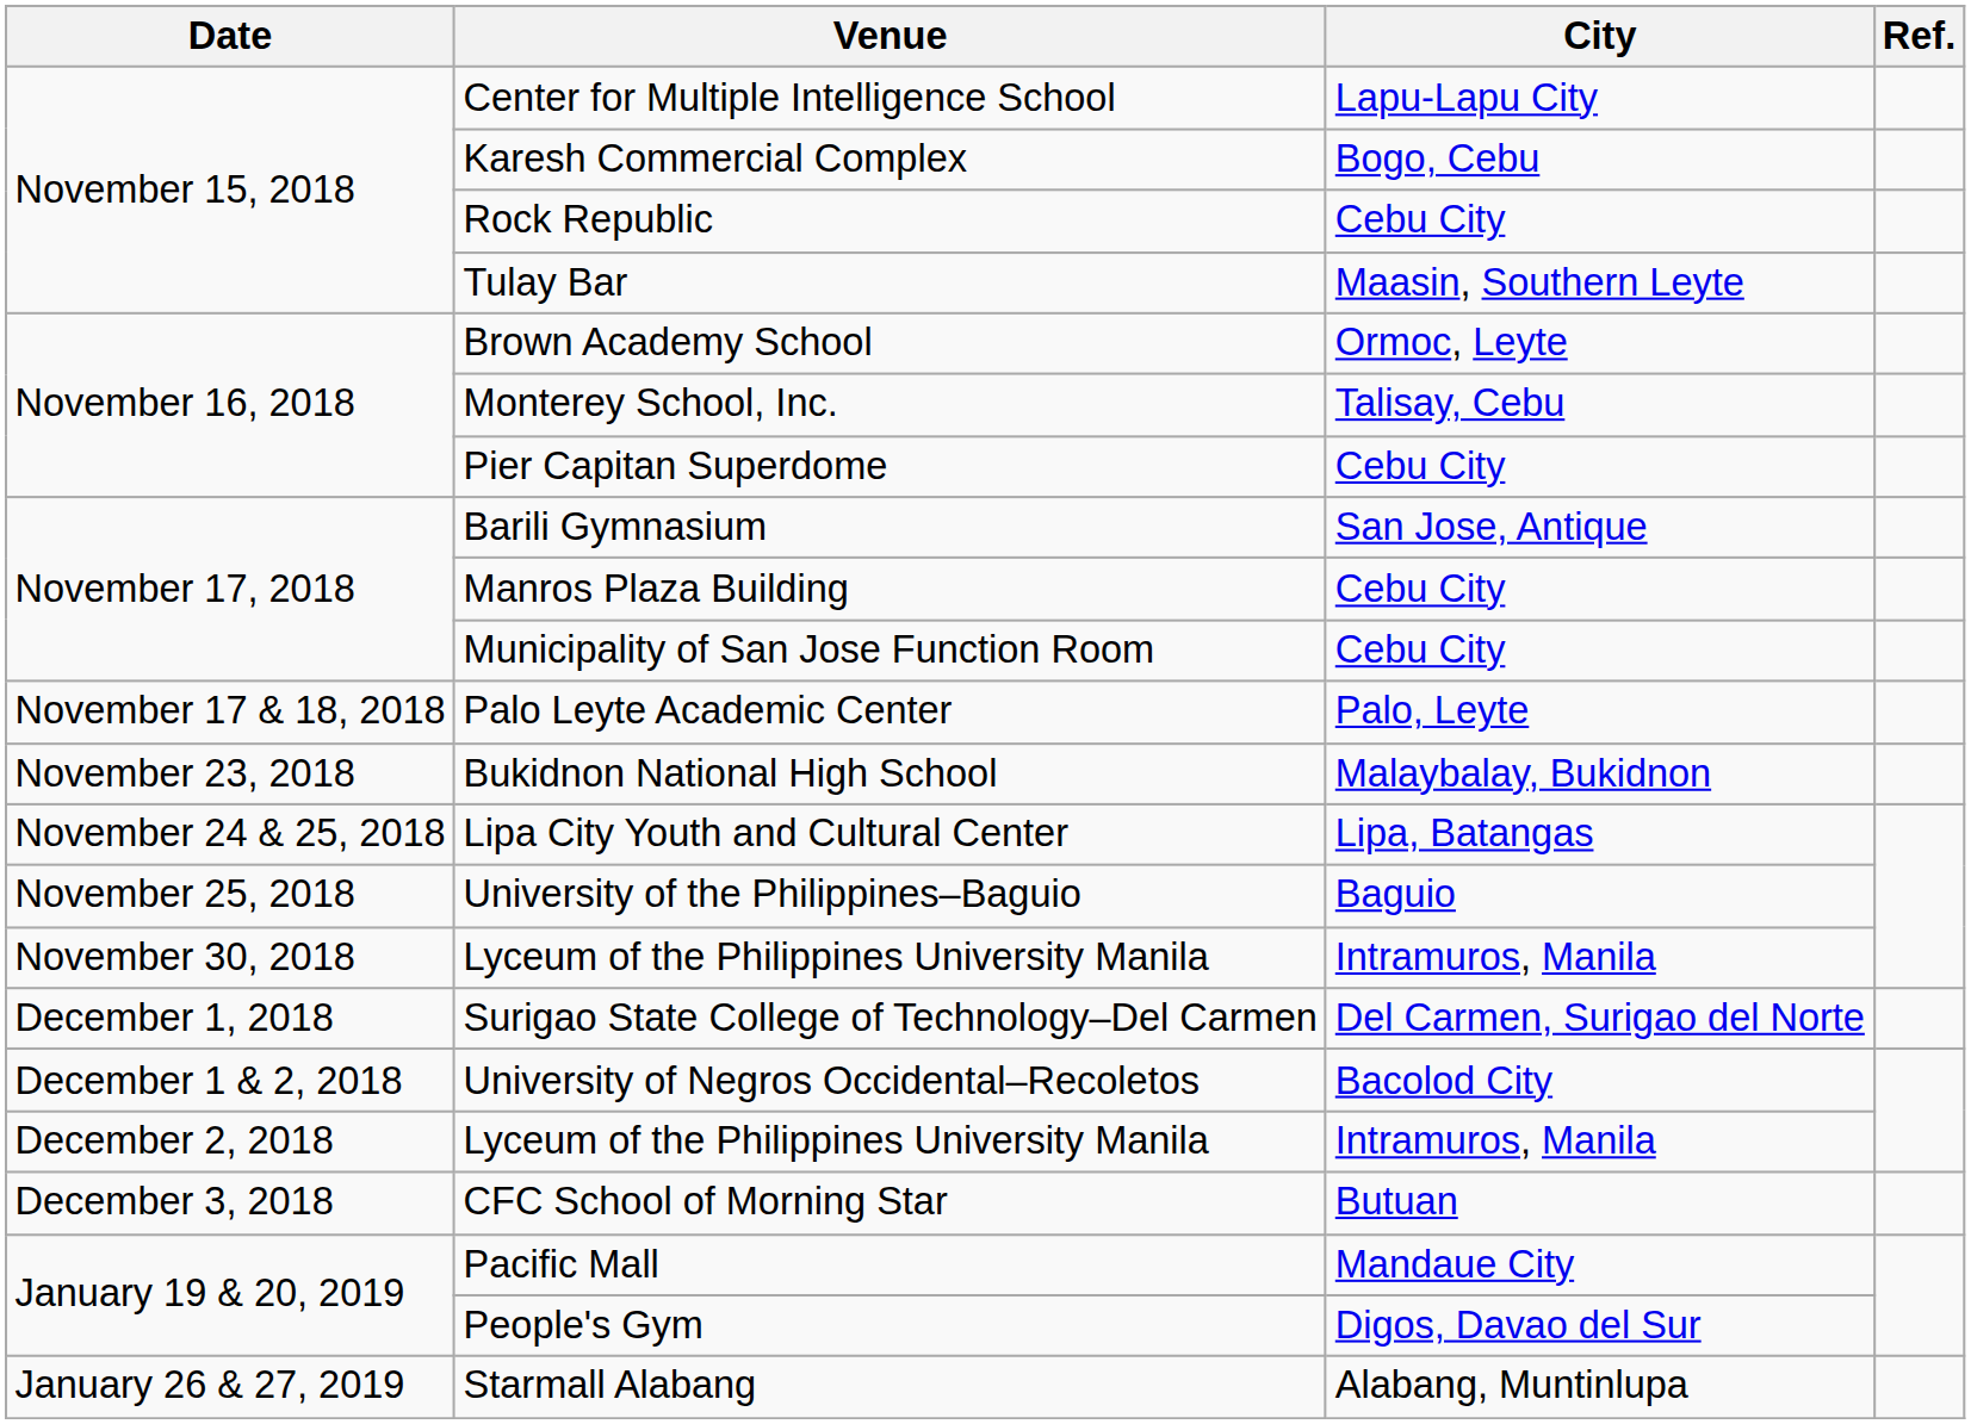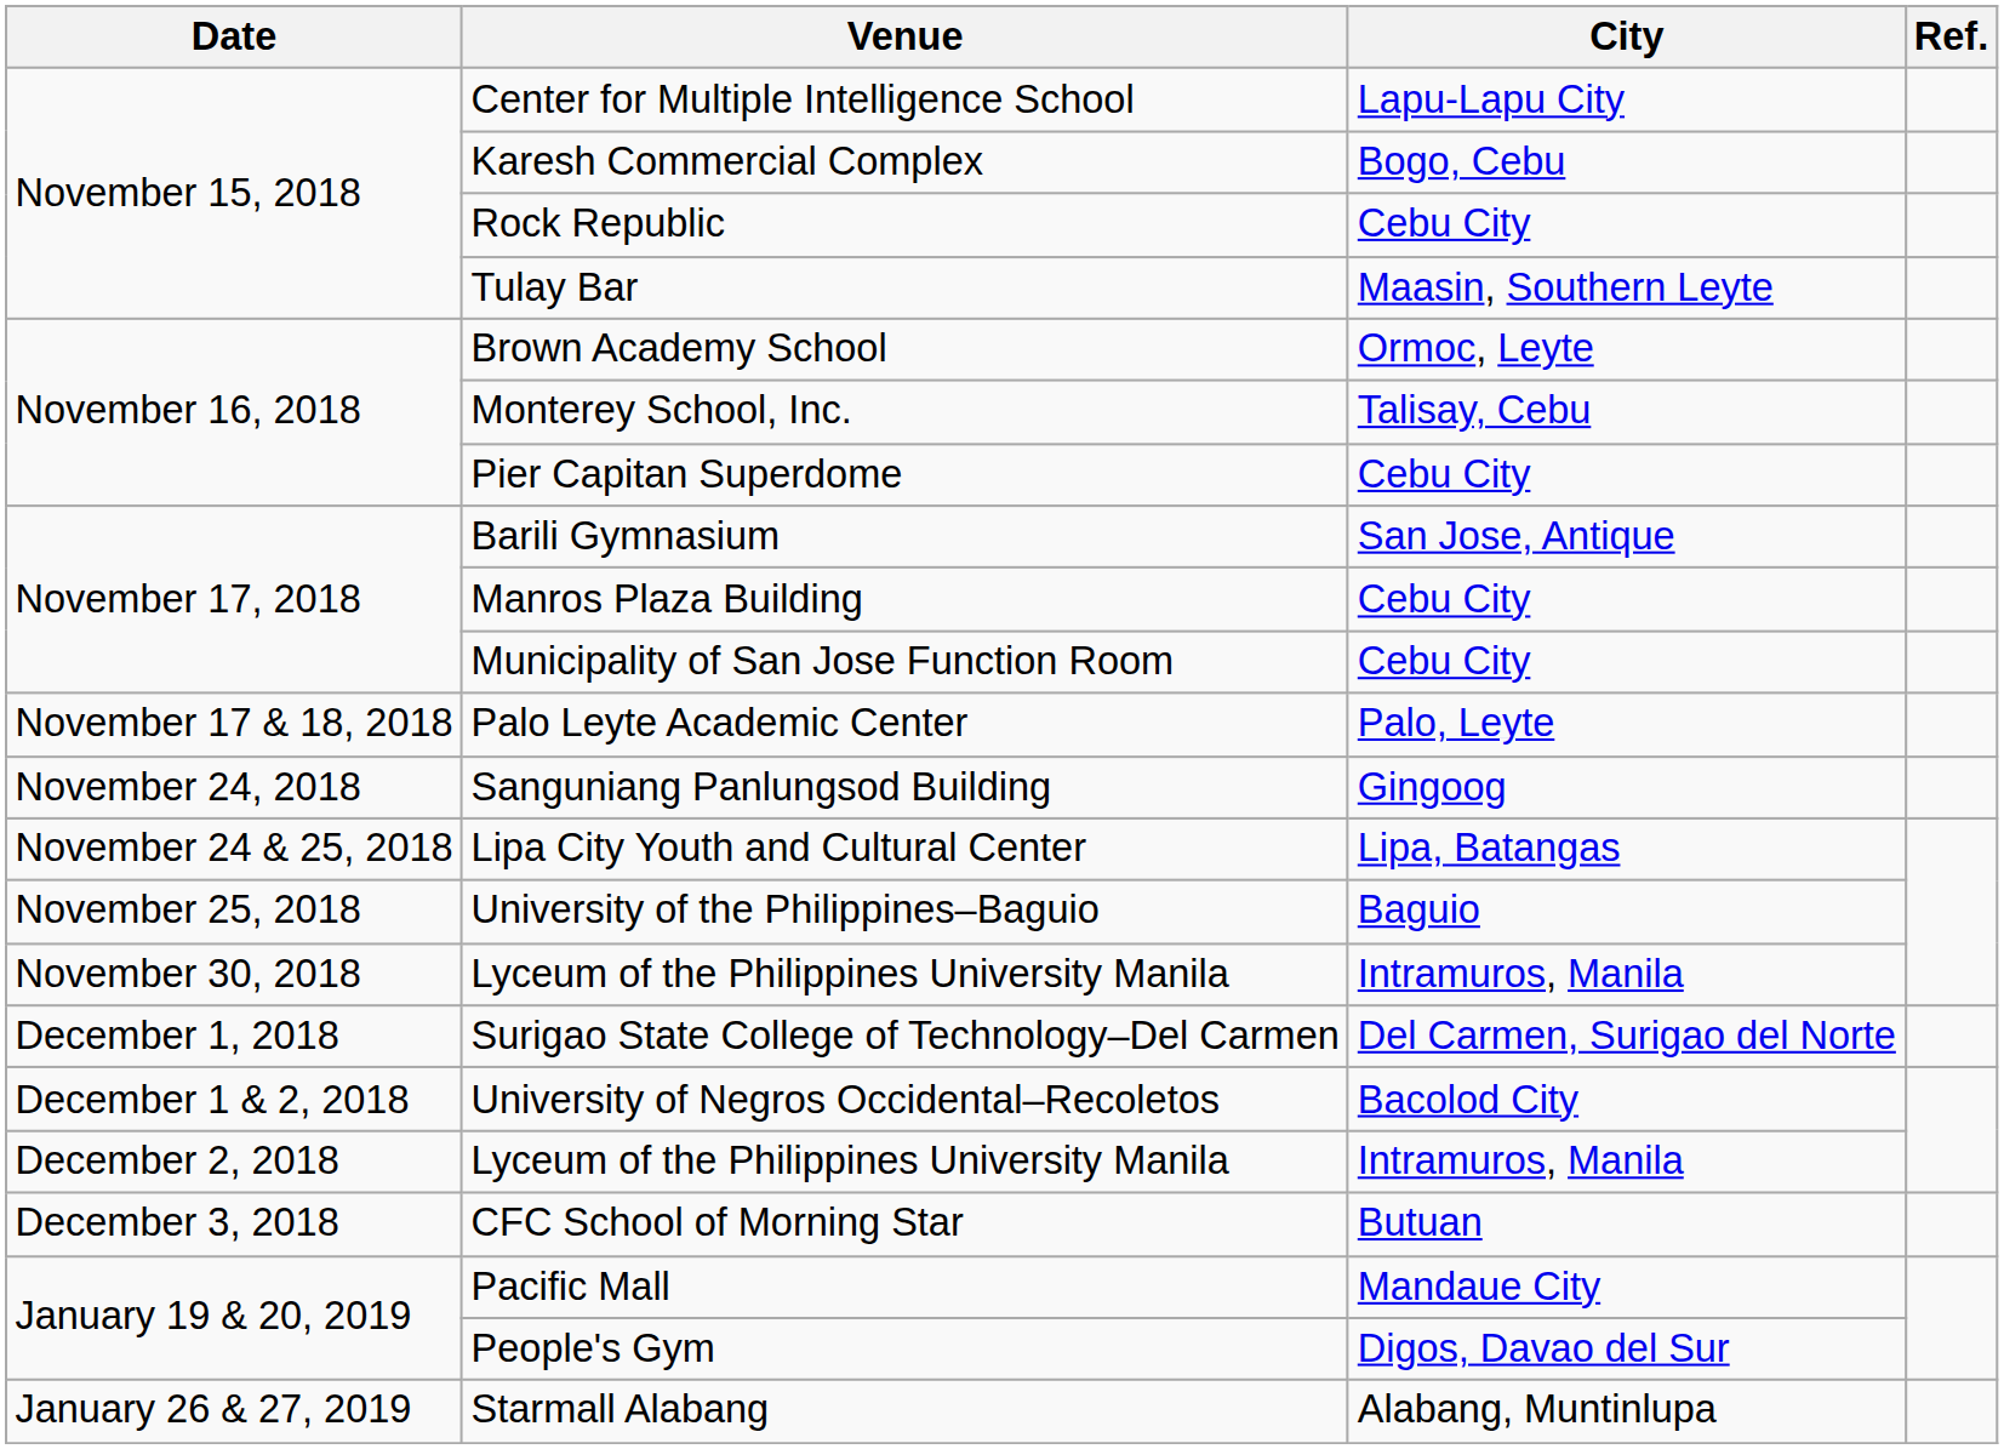 <table class="wikitable sortable">
 <tr>
 <th scope="col">Date</th>
 <th scope="col">Venue</th>
 <th scope="col">City</th>
 <th scope="col">Ref.</th>
 </tr>
 <tr>
 <td rowspan="4" style="text-align:left;">November 15, 2018</td>
 <td>Center for Multiple Intelligence School</td>
 <td><a href='#'>Lapu-Lapu City</a></td>
 <td></td>
 </tr>
 <tr>
 <td>Karesh Commercial Complex</td>
 <td><a href='#'>Bogo, Cebu</a></td>
 <td></td>
 </tr>
 <tr>
 <td>Rock Republic</td>
 <td><a href='#'>Cebu City</a></td>
 <td></td>
 </tr>
 <tr>
 <td>Tulay Bar</td>
 <td><a href='#'>Maasin</a>, <a href='#'>Southern Leyte</a></td>
 <td></td>
 </tr>
 <tr>
 <td rowspan="3" style="text-align:left;">November 16, 2018</td>
 <td>Brown Academy School</td>
 <td><a href='#'>Ormoc</a>, <a href='#'>Leyte</a></td>
 <td></td>
 </tr>
 <tr>
 <td>Monterey School, Inc.</td>
 <td><a href='#'>Talisay, Cebu</a></td>
 <td></td>
 </tr>
 <tr>
 <td>Pier Capitan Superdome</td>
 <td><a href='#'>Cebu City</a></td>
 <td></td>
 </tr>
 <tr>
 <td rowspan="3" style="text-align:left;">November 17, 2018</td>
 <td>Barili Gymnasium</td>
 <td><a href='#'>San Jose, Antique</a></td>
 <td></td>
 </tr>
 <tr>
 <td>Manros Plaza Building</td>
 <td><a href='#'>Cebu City</a></td>
 <td></td>
 </tr>
 <tr>
 <td>Municipality of San Jose Function Room</td>
 <td><a href='#'>Cebu City</a></td>
 <td></td>
 </tr>
 <tr>
 <td style="text-align:left;">November 17 & 18, 2018</td>
 <td>Palo Leyte Academic Center</td>
 <td><a href='#'>Palo, Leyte</a></td>
 <td></td>
 </tr>
 <tr>
-<td style="text-align:left;">November 23, 2018</td>
-<td>Bukidnon National High School</td>
-<td><a href='#'>Malaybalay, Bukidnon</a></td>
+<td style="text-align:left;">November 24, 2018</td>
+<td>Sanguniang Panlungsod Building</td>
+<td><a href='#'>Gingoog</a></td>
 <td></td>
 </tr>
 <tr>
 <td style="text-align:left;">November 24 & 25, 2018</td>
 <td>Lipa City Youth and Cultural Center</td>
 <td><a href='#'>Lipa, Batangas</a></td>
 <td rowspan="3"></td>
 </tr>
 <tr>
 <td style="text-align:left;">November 25, 2018</td>
 <td>University of the Philippines–Baguio</td>
 <td><a href='#'>Baguio</a></td>
 </tr>
 <tr>
 <td style="text-align:left;">November 30, 2018</td>
 <td>Lyceum of the Philippines University Manila</td>
 <td><a href='#'>Intramuros</a>, <a href='#'>Manila</a></td>
 </tr>
 <tr>
 <td style="text-align:left;">December 1, 2018</td>
 <td>Surigao State College of Technology–Del Carmen</td>
 <td><a href='#'>Del Carmen, Surigao del Norte</a></td>
 <td></td>
 </tr>
 <tr>
 <td style="text-align:left;">December 1 & 2, 2018</td>
 <td>University of Negros Occidental–Recoletos</td>
 <td><a href='#'>Bacolod City</a></td>
 <td rowspan="2"></td>
 </tr>
 <tr>
 <td style="text-align:left;">December 2, 2018</td>
 <td>Lyceum of the Philippines University Manila</td>
 <td><a href='#'>Intramuros</a>, <a href='#'>Manila</a></td>
 </tr>
 <tr>
 <td style="text-align:left;">December 3, 2018</td>
 <td>CFC School of Morning Star</td>
 <td><a href='#'>Butuan</a></td>
 <td></td>
 </tr>
 <tr>
 <td rowspan="2" style="text-align:left;">January 19 & 20, 2019</td>
 <td>Pacific Mall</td>
 <td><a href='#'>Mandaue City</a></td>
 <td rowspan="2"></td>
 </tr>
 <tr>
 <td>People's Gym</td>
 <td><a href='#'>Digos, Davao del Sur</a></td>
 </tr>
 <tr>
 <td style="text-align:left;">January 26 & 27, 2019</td>
 <td>Starmall Alabang</td>
 <td>Alabang, Muntinlupa</td>
 <td></td>
 </tr>
 <tr>
 </tr>
 </table>
